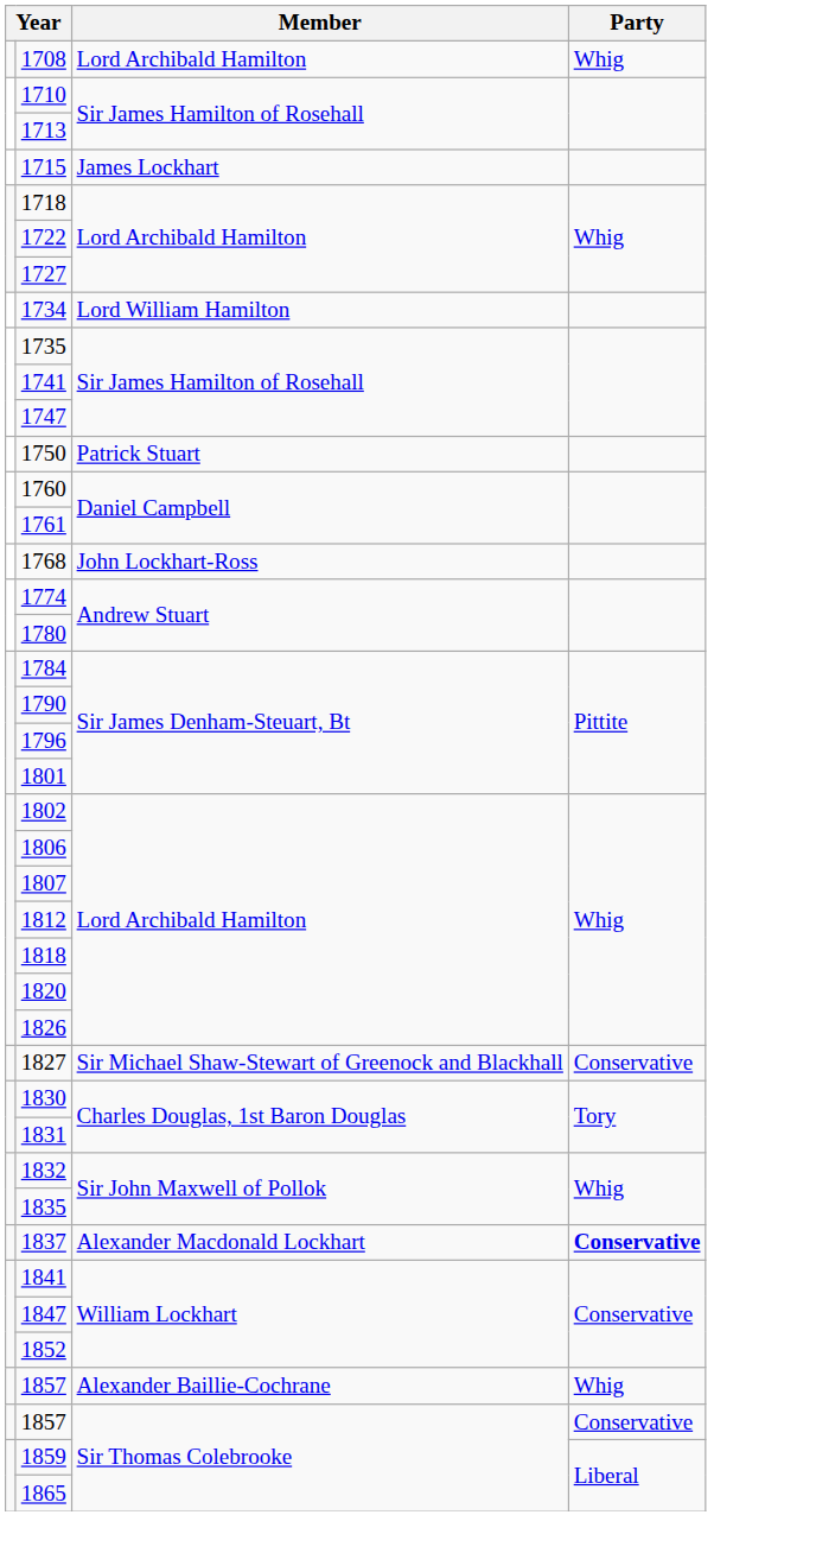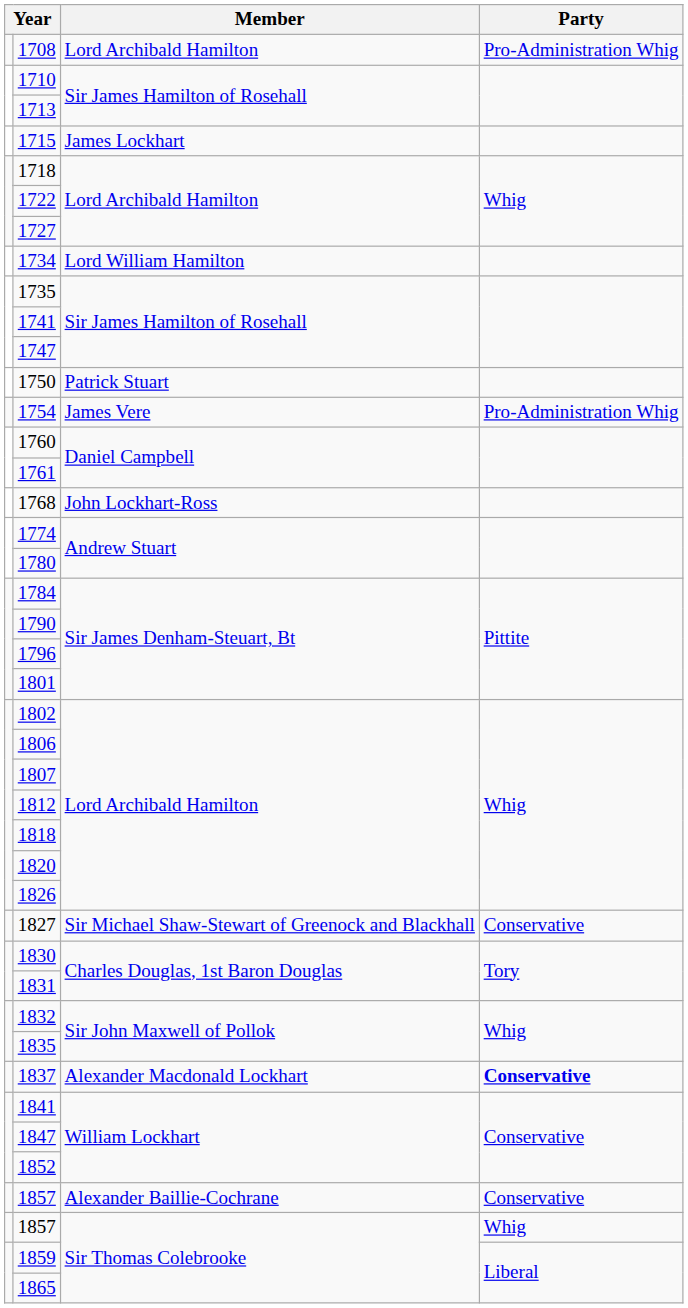 <table class="wikitable">
 <tr>
 <th colspan="2">Year</th>
 <th>Member</th>
 <th>Party</th>
 </tr>
 <tr>
 <td style="color:inherit;background-color: "></td>
 <td><a href='#'>1708</a></td>
 <td><a href='#'>Lord Archibald Hamilton</a></td>
-<td><a href='#'>Whig</a></td>
+<td><a href='#'>Pro-Administration Whig</a></td>
 </tr>
 <tr>
 <td rowspan="2" style="color:inherit;background-color: white"></td>
 <td><a href='#'>1710</a></td>
 <td rowspan="2"><a href='#'>Sir James Hamilton of Rosehall</a></td>
 <td rowspan="2"></td>
 </tr>
 <tr>
 <td><a href='#'>1713</a></td>
 </tr>
 <tr>
 <td style="color:inherit;background-color: white"></td>
 <td><a href='#'>1715</a></td>
 <td><a href='#'>James Lockhart</a></td>
 <td></td>
 </tr>
 <tr>
 <td rowspan="3" style="color:inherit;background-color: "></td>
 <td>1718</td>
 <td rowspan="3"><a href='#'>Lord Archibald Hamilton</a></td>
 <td rowspan="3"><a href='#'>Whig</a></td>
 </tr>
 <tr>
 <td><a href='#'>1722</a></td>
 </tr>
 <tr>
 <td><a href='#'>1727</a></td>
 </tr>
 <tr>
 <td style="color:inherit;background-color: white"></td>
 <td><a href='#'>1734</a></td>
 <td><a href='#'>Lord William Hamilton</a></td>
 <td></td>
 </tr>
 <tr>
 <td rowspan="3" style="color:inherit;background-color: white"></td>
 <td>1735</td>
 <td rowspan="3"><a href='#'>Sir James Hamilton of Rosehall</a></td>
 <td rowspan="3"></td>
 </tr>
 <tr>
 <td><a href='#'>1741</a></td>
 </tr>
 <tr>
 <td><a href='#'>1747</a></td>
 </tr>
 <tr>
 <td style="color:inherit;background-color: white"></td>
 <td>1750</td>
 <td><a href='#'>Patrick Stuart</a></td>
 <td></td>
+</tr>
+<tr>
+<td style="color:inherit;background-color: "></td>
+<td><a href='#'>1754</a></td>
+<td><a href='#'>James Vere</a></td>
+<td><a href='#'>Pro-Administration Whig</a></td>
 </tr>
 <tr>
 <td rowspan="2" style="color:inherit;background-color: white"></td>
 <td>1760</td>
 <td rowspan="2"><a href='#'>Daniel Campbell</a></td>
 <td rowspan="2"></td>
 </tr>
 <tr>
 <td><a href='#'>1761</a></td>
 </tr>
 <tr>
 <td style="color:inherit;background-color: white"></td>
 <td>1768</td>
 <td><a href='#'>John Lockhart-Ross</a></td>
 <td></td>
 </tr>
 <tr>
 <td rowspan="2" style="color:inherit;background-color: white"></td>
 <td><a href='#'>1774</a></td>
 <td rowspan="2"><a href='#'>Andrew Stuart</a></td>
 <td rowspan="2"></td>
 </tr>
 <tr>
 <td><a href='#'>1780</a></td>
 </tr>
 <tr>
 <td rowspan="4" style="color:inherit;background-color: "></td>
 <td><a href='#'>1784</a></td>
 <td rowspan="4"><a href='#'>Sir James Denham-Steuart, Bt</a></td>
 <td rowspan="4"><a href='#'>Pittite</a></td>
 </tr>
 <tr>
 <td><a href='#'>1790</a></td>
 </tr>
 <tr>
 <td><a href='#'>1796</a></td>
 </tr>
 <tr>
 <td><a href='#'>1801</a></td>
 </tr>
 <tr>
 <td rowspan="7" style="color:inherit;background-color: "></td>
 <td><a href='#'>1802</a></td>
 <td rowspan="7"><a href='#'>Lord Archibald Hamilton</a></td>
 <td rowspan="7"><a href='#'>Whig</a></td>
 </tr>
 <tr>
 <td><a href='#'>1806</a></td>
 </tr>
 <tr>
 <td><a href='#'>1807</a></td>
 </tr>
 <tr>
 <td><a href='#'>1812</a></td>
 </tr>
 <tr>
 <td><a href='#'>1818</a></td>
 </tr>
 <tr>
 <td><a href='#'>1820</a></td>
 </tr>
 <tr>
 <td><a href='#'>1826</a></td>
 </tr>
 <tr>
 <td style="color:inherit;background-color: "></td>
 <td>1827</td>
 <td><a href='#'>Sir Michael Shaw-Stewart of Greenock and Blackhall</a></td>
 <td><a href='#'>Conservative</a></td>
 </tr>
 <tr>
 <td rowspan="2" style="color:inherit;background-color: "></td>
 <td><a href='#'>1830</a></td>
 <td rowspan="2"><a href='#'>Charles Douglas, 1st Baron Douglas</a></td>
 <td rowspan="2"><a href='#'>Tory</a></td>
 </tr>
 <tr>
 <td><a href='#'>1831</a></td>
 </tr>
 <tr>
 <td rowspan="2" style="color:inherit;background-color: "></td>
 <td><a href='#'>1832</a></td>
 <td rowspan="2"><a href='#'>Sir John Maxwell of Pollok</a></td>
 <td rowspan="2"><a href='#'>Whig</a></td>
 </tr>
 <tr>
 <td><a href='#'>1835</a></td>
 </tr>
 <tr>
 <td style="color:inherit;background-color: "></td>
 <td><a href='#'>1837</a></td>
 <td><a href='#'>Alexander Macdonald Lockhart</a></td>
 <td><strong><a href='#'>Conservative</a></strong></td>
 </tr>
 <tr>
 <td rowspan="3" style="color:inherit;background-color: "></td>
 <td><a href='#'>1841</a></td>
 <td rowspan="3"><a href='#'>William Lockhart</a></td>
 <td rowspan="3"><a href='#'>Conservative</a></td>
 </tr>
 <tr>
 <td><a href='#'>1847</a></td>
 </tr>
 <tr>
 <td><a href='#'>1852</a></td>
 </tr>
 <tr>
 <td style="color:inherit;background-color: "></td>
 <td><a href='#'>1857</a></td>
 <td><a href='#'>Alexander Baillie-Cochrane</a></td>
-<td><a href='#'>Whig</a></td>
+<td><a href='#'>Conservative</a></td>
 </tr>
 <tr>
 <td style="color:inherit;background-color: "></td>
 <td>1857</td>
 <td rowspan="3"><a href='#'>Sir Thomas Colebrooke</a></td>
-<td><a href='#'>Conservative</a></td>
+<td><a href='#'>Whig</a></td>
 </tr>
 <tr>
 <td rowspan="2" style="color:inherit;background-color: "></td>
 <td><a href='#'>1859</a></td>
 <td rowspan="2"><a href='#'>Liberal</a></td>
 </tr>
 <tr>
 <td><a href='#'>1865</a></td>
 </tr>
 </table>
